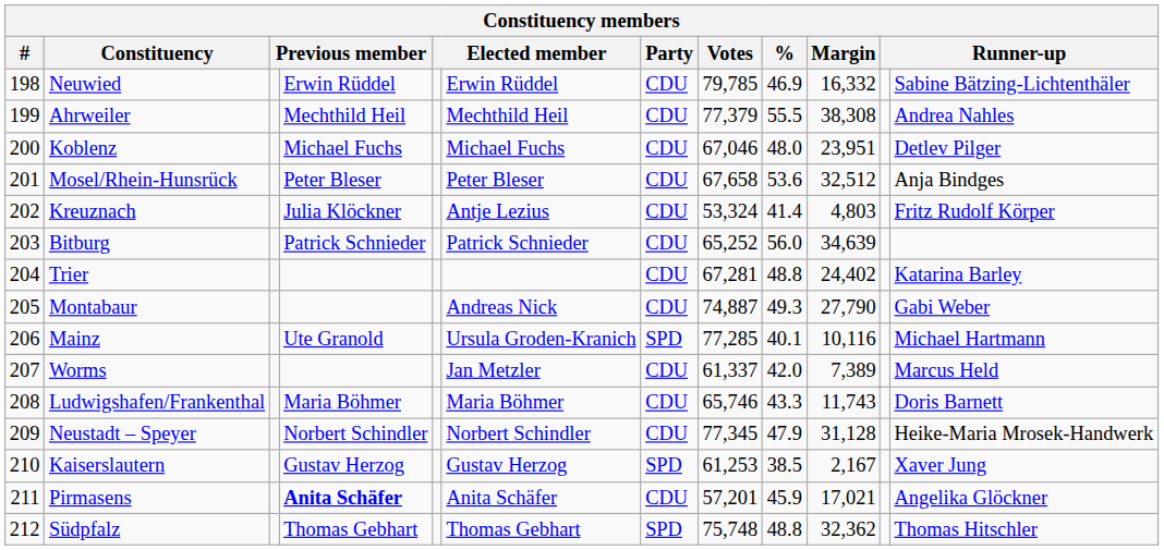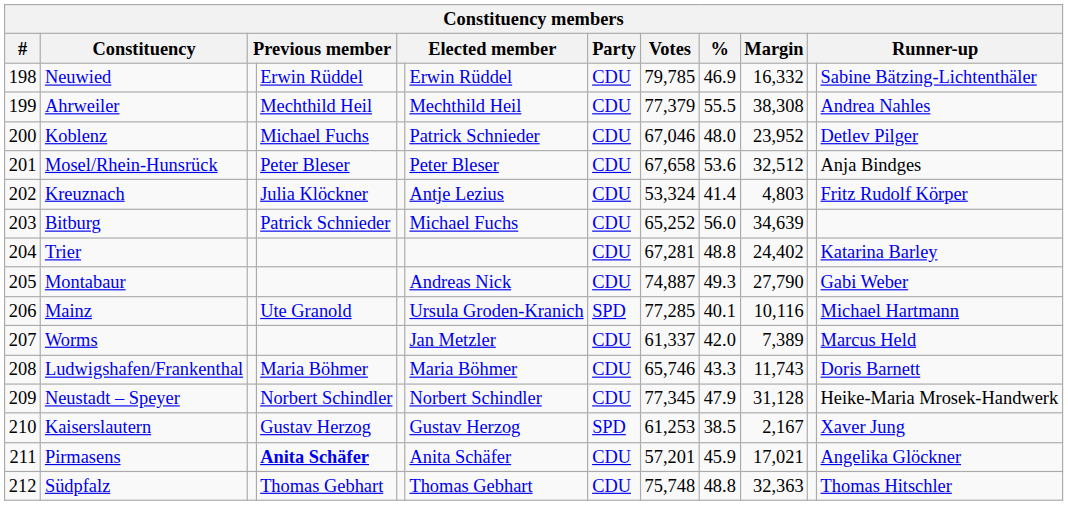 <table class="wikitable sortable" style="text-align:right">
 <tr>
 <th colspan="12">Constituency members</th>
 </tr>
 <tr>
 <th>#</th>
 <th>Constituency</th>
 <th colspan="2">Previous member</th>
 <th colspan="2">Elected member</th>
 <th>Party</th>
 <th>Votes</th>
 <th>%</th>
 <th>Margin</th>
 <th colspan="2">Runner-up</th>
 </tr>
 <tr>
 <td>198</td>
 <td align=left><a href='#'>Neuwied</a></td>
 <td bgcolor=></td>
 <td align=left><a href='#'>Erwin Rüddel</a></td>
 <td bgcolor=></td>
 <td align=left><a href='#'>Erwin Rüddel</a></td>
 <td align=left><a href='#'>CDU</a></td>
 <td>79,785</td>
 <td>46.9</td>
 <td>16,332</td>
 <td bgcolor=></td>
 <td align=left><a href='#'>Sabine Bätzing-Lichtenthäler</a></td>
 </tr>
 <tr>
 <td>199</td>
 <td align=left><a href='#'>Ahrweiler</a></td>
 <td bgcolor=></td>
 <td align=left><a href='#'>Mechthild Heil</a></td>
 <td bgcolor=></td>
 <td align=left><a href='#'>Mechthild Heil</a></td>
 <td align=left><a href='#'>CDU</a></td>
 <td>77,379</td>
 <td>55.5</td>
 <td>38,308</td>
 <td bgcolor=></td>
 <td align=left><a href='#'>Andrea Nahles</a></td>
 </tr>
 <tr>
 <td>200</td>
 <td align=left><a href='#'>Koblenz</a></td>
 <td bgcolor=></td>
 <td align=left><a href='#'>Michael Fuchs</a></td>
 <td bgcolor=></td>
-<td align=left><a href='#'>Michael Fuchs</a></td>
+<td align=left><a href='#'>Patrick Schnieder</a></td>
 <td align=left><a href='#'>CDU</a></td>
 <td>67,046</td>
 <td>48.0</td>
-<td>23,951</td>
+<td>23,952</td>
 <td bgcolor=></td>
 <td align=left><a href='#'>Detlev Pilger</a></td>
 </tr>
 <tr>
 <td>201</td>
 <td align=left><a href='#'>Mosel/Rhein-Hunsrück</a></td>
 <td bgcolor=></td>
 <td align=left><a href='#'>Peter Bleser</a></td>
 <td bgcolor=></td>
 <td align=left><a href='#'>Peter Bleser</a></td>
 <td align=left><a href='#'>CDU</a></td>
 <td>67,658</td>
 <td>53.6</td>
 <td>32,512</td>
 <td bgcolor=></td>
 <td align=left>Anja Bindges</td>
 </tr>
 <tr>
 <td>202</td>
 <td align=left><a href='#'>Kreuznach</a></td>
 <td bgcolor=></td>
 <td align=left><a href='#'>Julia Klöckner</a></td>
 <td bgcolor=></td>
 <td align=left><a href='#'>Antje Lezius</a></td>
 <td align=left><a href='#'>CDU</a></td>
 <td>53,324</td>
 <td>41.4</td>
 <td>4,803</td>
 <td bgcolor=></td>
 <td align=left><a href='#'>Fritz Rudolf Körper</a></td>
 </tr>
 <tr>
 <td>203</td>
 <td align=left><a href='#'>Bitburg</a></td>
 <td bgcolor=></td>
 <td align=left><a href='#'>Patrick Schnieder</a></td>
 <td bgcolor=></td>
-<td align=left><a href='#'>Patrick Schnieder</a></td>
+<td align=left><a href='#'>Michael Fuchs</a></td>
 <td align=left><a href='#'>CDU</a></td>
 <td>65,252</td>
 <td>56.0</td>
 <td>34,639</td>
 <td bgcolor=></td>
 <td align=left></td>
 </tr>
 <tr>
 <td>204</td>
 <td align=left><a href='#'>Trier</a></td>
 <td bgcolor=></td>
 <td align=left></td>
 <td></td>
 <td align=left></td>
 <td align="left"><a href='#'>CDU</a></td>
 <td>67,281</td>
 <td>48.8</td>
 <td>24,402</td>
 <td bgcolor=></td>
 <td align=left><a href='#'>Katarina Barley</a></td>
 </tr>
 <tr>
 <td>205</td>
 <td align=left><a href='#'>Montabaur</a></td>
 <td bgcolor=></td>
 <td align=left></td>
 <td></td>
 <td align=left><a href='#'>Andreas Nick</a></td>
 <td align=left><a href='#'>CDU</a></td>
 <td>74,887</td>
 <td>49.3</td>
 <td>27,790</td>
 <td bgcolor=></td>
 <td align=left><a href='#'>Gabi Weber</a></td>
 </tr>
 <tr>
 <td>206</td>
 <td align=left><a href='#'>Mainz</a></td>
 <td bgcolor=></td>
 <td align=left><a href='#'>Ute Granold</a></td>
 <td bgcolor=></td>
 <td align=left><a href='#'>Ursula Groden-Kranich</a></td>
 <td align=left><a href='#'>SPD</a></td>
 <td>77,285</td>
 <td>40.1</td>
 <td>10,116</td>
 <td bgcolor=></td>
 <td align=left><a href='#'>Michael Hartmann</a></td>
 </tr>
 <tr>
 <td>207</td>
 <td align=left><a href='#'>Worms</a></td>
 <td bgcolor=></td>
 <td align=left></td>
 <td></td>
 <td align=left><a href='#'>Jan Metzler</a></td>
 <td align=left><a href='#'>CDU</a></td>
 <td>61,337</td>
 <td>42.0</td>
 <td>7,389</td>
 <td bgcolor=></td>
 <td align=left><a href='#'>Marcus Held</a></td>
 </tr>
 <tr>
 <td>208</td>
 <td align=left><a href='#'>Ludwigshafen/Frankenthal</a></td>
 <td bgcolor=></td>
 <td align=left><a href='#'>Maria Böhmer</a></td>
 <td bgcolor=></td>
 <td align=left><a href='#'>Maria Böhmer</a></td>
 <td align=left><a href='#'>CDU</a></td>
 <td>65,746</td>
 <td>43.3</td>
 <td>11,743</td>
 <td bgcolor=></td>
 <td align=left><a href='#'>Doris Barnett</a></td>
 </tr>
 <tr>
 <td>209</td>
 <td align=left><a href='#'>Neustadt – Speyer</a></td>
 <td bgcolor=></td>
 <td align=left><a href='#'>Norbert Schindler</a></td>
 <td></td>
 <td align=left><a href='#'>Norbert Schindler</a></td>
 <td align="left"><a href='#'>CDU</a></td>
 <td>77,345</td>
 <td>47.9</td>
 <td>31,128</td>
 <td bgcolor=></td>
 <td align=left>Heike-Maria Mrosek-Handwerk</td>
 </tr>
 <tr>
 <td>210</td>
 <td align=left><a href='#'>Kaiserslautern</a></td>
 <td bgcolor=></td>
 <td align=left><a href='#'>Gustav Herzog</a></td>
 <td bgcolor=></td>
 <td align=left><a href='#'>Gustav Herzog</a></td>
 <td align=left><a href='#'>SPD</a></td>
 <td>61,253</td>
 <td>38.5</td>
 <td>2,167</td>
 <td bgcolor=></td>
 <td align=left><a href='#'>Xaver Jung</a></td>
 </tr>
 <tr>
 <td>211</td>
 <td align=left><a href='#'>Pirmasens</a></td>
 <td bgcolor=></td>
 <td align=left><strong><a href='#'>Anita Schäfer</a></strong></td>
 <td bgcolor=></td>
 <td align=left><a href='#'>Anita Schäfer</a></td>
 <td align=left><a href='#'>CDU</a></td>
 <td>57,201</td>
 <td>45.9</td>
 <td>17,021</td>
 <td bgcolor=></td>
 <td align=left><a href='#'>Angelika Glöckner</a></td>
 </tr>
 <tr>
 <td>212</td>
 <td align=left><a href='#'>Südpfalz</a></td>
 <td bgcolor=></td>
 <td align=left><a href='#'>Thomas Gebhart</a></td>
 <td bgcolor=></td>
 <td align=left><a href='#'>Thomas Gebhart</a></td>
-<td align=left><a href='#'>SPD</a></td>
+<td align=left><a href='#'>CDU</a></td>
 <td>75,748</td>
 <td>48.8</td>
-<td>32,362</td>
+<td>32,363</td>
 <td bgcolor=></td>
 <td align=left><a href='#'>Thomas Hitschler</a></td>
 </tr>
 </table>
